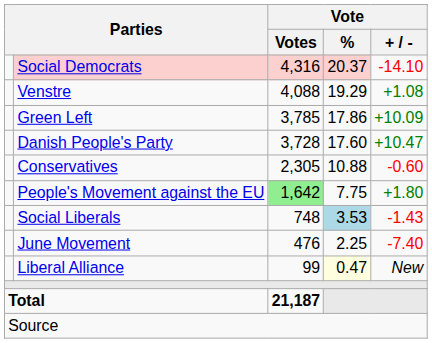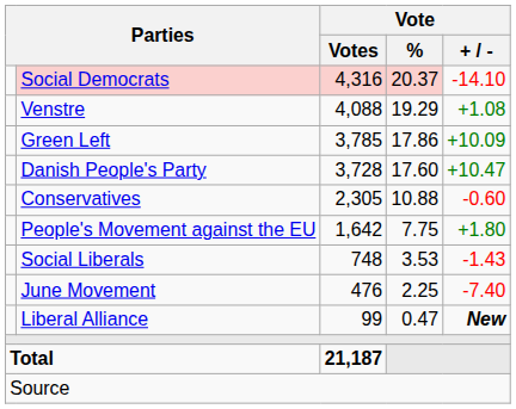 <table class="wikitable" style="text-align:right;">
 <tr>
 <th style="text-align:centre;" rowspan="2" colspan="2" width="225">Parties</th>
 <th colspan="3">Vote</th>
 </tr>
 <tr>
 <th width="15">Votes</th>
 <th width="15">%</th>
 <th width="15">+ / -</th>
 </tr>
 <tr>
 <td width="2" style="color:inherit;background:"></td>
 <td bgcolor=#fbd0ce   align="left"><a href='#'>Social Democrats</a></td>
 <td bgcolor=#fbd0ce>4,316</td>
 <td bgcolor=#fbd0ce>20.37</td>
 <td style=color:red;>-14.10</td>
 </tr>
 <tr>
 <td width="2" style="color:inherit;background:"></td>
 <td align="left"><a href='#'>Venstre</a></td>
 <td>4,088</td>
 <td>19.29</td>
 <td style=color:green;>+1.08</td>
 </tr>
 <tr>
 <td width="2" style="color:inherit;background:"></td>
 <td align="left"><a href='#'>Green Left</a></td>
 <td>3,785</td>
 <td>17.86</td>
 <td style=color:green;>+10.09</td>
 </tr>
 <tr>
 <td width="2" style="color:inherit;background:"></td>
 <td align="left"><a href='#'>Danish People's Party</a></td>
 <td>3,728</td>
 <td>17.60</td>
 <td style=color:green;>+10.47</td>
 </tr>
 <tr>
 <td width="2" style="color:inherit;background:"></td>
 <td align="left"><a href='#'>Conservatives</a></td>
 <td>2,305</td>
 <td>10.88</td>
 <td style=color:red;>-0.60</td>
 </tr>
 <tr>
 <td width="2" style="color:inherit;background:"></td>
 <td align="left"><a href='#'>People's Movement against the EU</a></td>
-<td style="background: lightgreen;">1,642</td>
+<td>1,642</td>
 <td>7.75</td>
 <td style=color:green;>+1.80</td>
 </tr>
 <tr>
 <td width="2" style="color:inherit;background:"></td>
 <td align="left"><a href='#'>Social Liberals</a></td>
 <td>748</td>
-<td style="background: lightblue;">3.53</td>
+<td>3.53</td>
 <td style=color:red;>-1.43</td>
 </tr>
 <tr>
 <td width="2" style="color:inherit;background:"></td>
 <td align="left"><a href='#'>June Movement</a></td>
 <td>476</td>
 <td>2.25</td>
 <td style=color:red;>-7.40</td>
 </tr>
 <tr>
 <td width="2" style="color:inherit;background:"></td>
 <td align="left"><a href='#'>Liberal Alliance</a></td>
 <td>99</td>
-<td style="background: lightyellow;">0.47</td>
-<td><em>New</em></td>
+<td>0.47</td>
+<td><strong><em>New</em></strong></td>
 </tr>
 <tr>
 <td colspan="7" bgcolor="#E9E9E9"></td>
 </tr>
 <tr>
 <td align="left" colspan="2"><strong>Total</strong></td>
 <td><strong>21,187</strong></td>
 <td bgcolor="#E9E9E9" colspan="2"></td>
 </tr>
 <tr>
 <td align="left" colspan="6">Source</td>
 </tr>
 </table>
